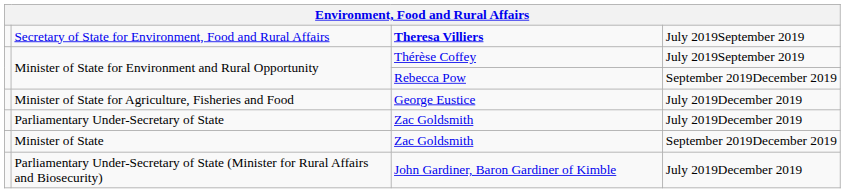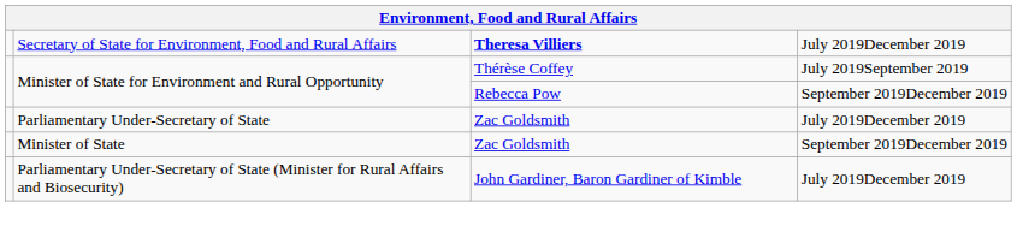 <table class="wikitable">
 <tr>
 <th colspan="4"><a href='#'>Environment, Food and Rural Affairs</a></th>
 </tr>
 <tr>
 <td style="width: 1px; background: "></td>
 <td style="width: 450px;"><a href='#'>Secretary of State for Environment, Food and Rural Affairs</a></td>
 <td style="width: 320px;"><strong><a href='#'>Theresa Villiers</a></strong></td>
-<td>July 2019September 2019</td>
+<td>July 2019December 2019</td>
 </tr>
 <tr>
 <td rowspan=2 style="width: 1px; background: "></td>
 <td rowspan=2 style="width: 450px;">Minister of State for Environment and Rural Opportunity</td>
 <td style="width: 320px;"><a href='#'>Thérèse Coffey</a></td>
 <td>July 2019September 2019</td>
 </tr>
 <tr>
 <td><a href='#'>Rebecca Pow</a></td>
 <td>September 2019December 2019</td>
-</tr>
-<tr>
-<td style="width: 1px; background: "></td>
-<td style="width: 450px;">Minister of State for Agriculture, Fisheries and Food</td>
-<td style="width: 320px;"><a href='#'>George Eustice</a></td>
-<td>July 2019December 2019</td>
 </tr>
 <tr>
 <td style="width: 1px; background: "></td>
 <td>Parliamentary Under-Secretary of State</td>
 <td><a href='#'>Zac Goldsmith</a><br></td>
 <td>July 2019December 2019</td>
 </tr>
 <tr>
 <td style="width: 1px; background: "></td>
 <td>Minister of State</td>
 <td><a href='#'>Zac Goldsmith</a><br></td>
 <td>September 2019December 2019</td>
 </tr>
 <tr>
 <td style="width: 1px; background: "></td>
 <td>Parliamentary Under-Secretary of State (Minister for Rural Affairs and Biosecurity)</td>
 <td><a href='#'>John Gardiner, Baron Gardiner of Kimble</a></td>
 <td>July 2019December 2019</td>
 </tr>
 </table>
